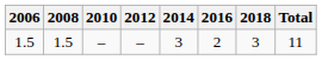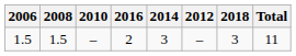 <table class="wikitable" style="text-align:center">
 <tr>
 <th>2006</th>
 <th>2008</th>
 <th>2010</th>
+<th>2016</th>
+<th>2014</th>
 <th>2012</th>
-<th>2014</th>
-<th>2016</th>
 <th>2018</th>
 <th>Total</th>
 </tr>
 <tr>
 <td>1.5</td>
 <td>1.5</td>
 <td>–</td>
+<td>2</td>
+<td>3</td>
 <td>–</td>
-<td>3</td>
-<td>2</td>
 <td>3</td>
 <td>11</td>
 </tr>
 </table>
